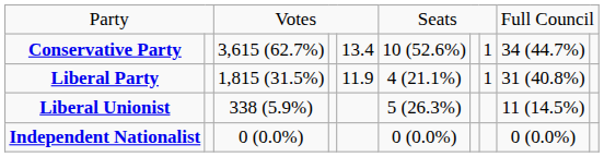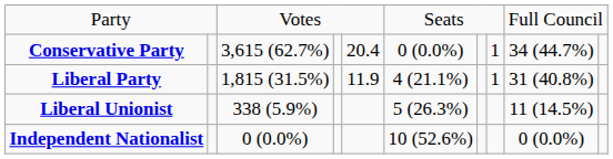 <table class=wikitable style="text-align:center;">
 <tr>
 <td colspan=2>Party</td>
 <td colspan=3>Votes</td>
 <td colspan=3>Seats</td>
 <td colspan=3>Full Council</td>
 </tr>
 <tr>
 <td><strong><a href='#'>Conservative Party</a></strong></td>
 <td style="background:"></td>
 <td>3,615 (62.7%)</td>
 <td></td>
-<td> 13.4</td>
-<td>10 (52.6%)</td>
+<td> 20.4</td>
+<td>0 (0.0%)</td>
 <td></td>
 <td> 1</td>
 <td>34 (44.7%)</td>
 <td></td>
 </tr>
 <tr>
 <td><strong><a href='#'>Liberal Party</a></strong></td>
 <td style="background:"></td>
 <td>1,815 (31.5%)</td>
 <td></td>
 <td> 11.9</td>
 <td>4 (21.1%)</td>
 <td></td>
 <td> 1</td>
 <td>31 (40.8%)</td>
 <td></td>
 </tr>
 <tr>
 <td><strong><a href='#'>Liberal Unionist</a></strong></td>
 <td style="background:"></td>
 <td>338 (5.9%)</td>
 <td></td>
 <td></td>
 <td>5 (26.3%)</td>
 <td></td>
 <td></td>
 <td>11 (14.5%)</td>
 <td></td>
 </tr>
 <tr>
 <td><strong><a href='#'>Independent Nationalist</a></strong></td>
 <td style="background:"></td>
 <td>0 (0.0%)</td>
 <td></td>
 <td></td>
-<td>0 (0.0%)</td>
+<td>10 (52.6%)</td>
 <td></td>
 <td></td>
 <td>0 (0.0%)</td>
 <td></td>
 </tr>
 </table>
